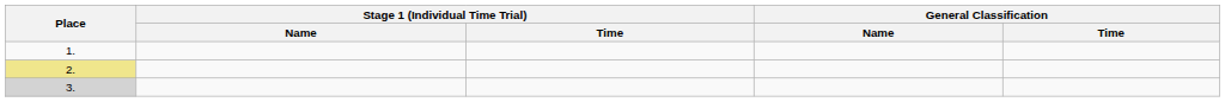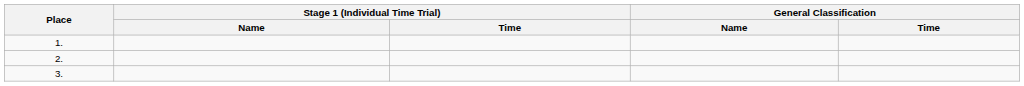 <table class=wikitable style="font-size:95%" width="80%">
 <tr>
 <th rowspan="2">Place</th>
 <th colspan="2">Stage 1 (Individual Time Trial)</th>
 <th colspan="2">General Classification</th>
 </tr>
 <tr>
 <th>Name</th>
 <th>Time</th>
 <th>Name</th>
 <th>Time</th>
 </tr>
 <tr>
 <td align="center">1.</td>
 <td></td>
 <td></td>
 <td></td>
 <td></td>
 </tr>
 <tr>
-<td align="center" style="background: khaki;">2.</td>
+<td align="center">2.</td>
 <td></td>
 <td></td>
 <td></td>
 <td></td>
 </tr>
 <tr>
-<td align="center" style="background: lightgrey;">3.</td>
+<td align="center">3.</td>
 <td></td>
 <td></td>
 <td></td>
 <td></td>
 </tr>
 </table>
